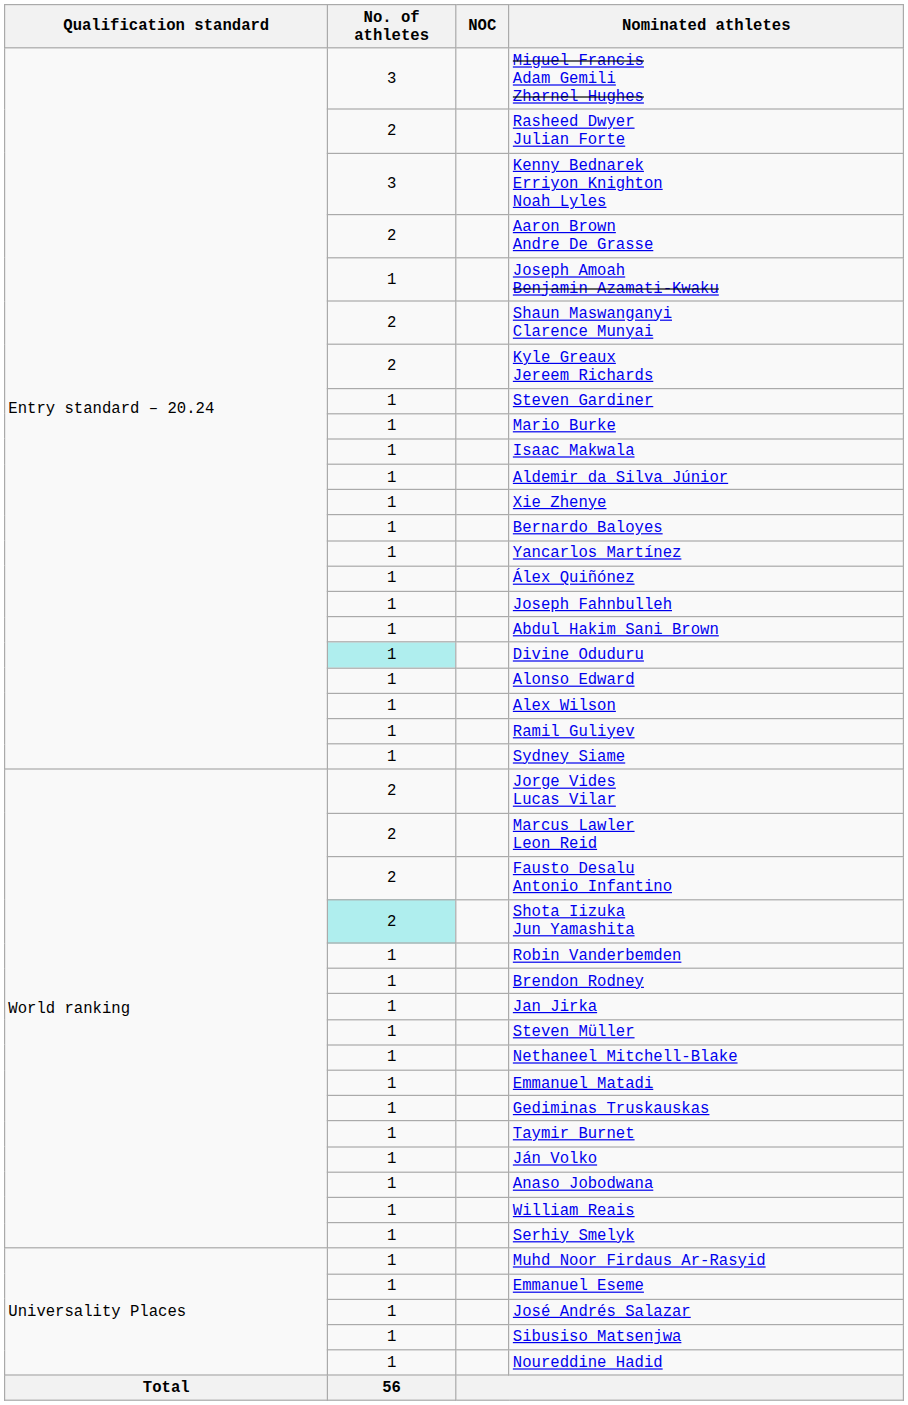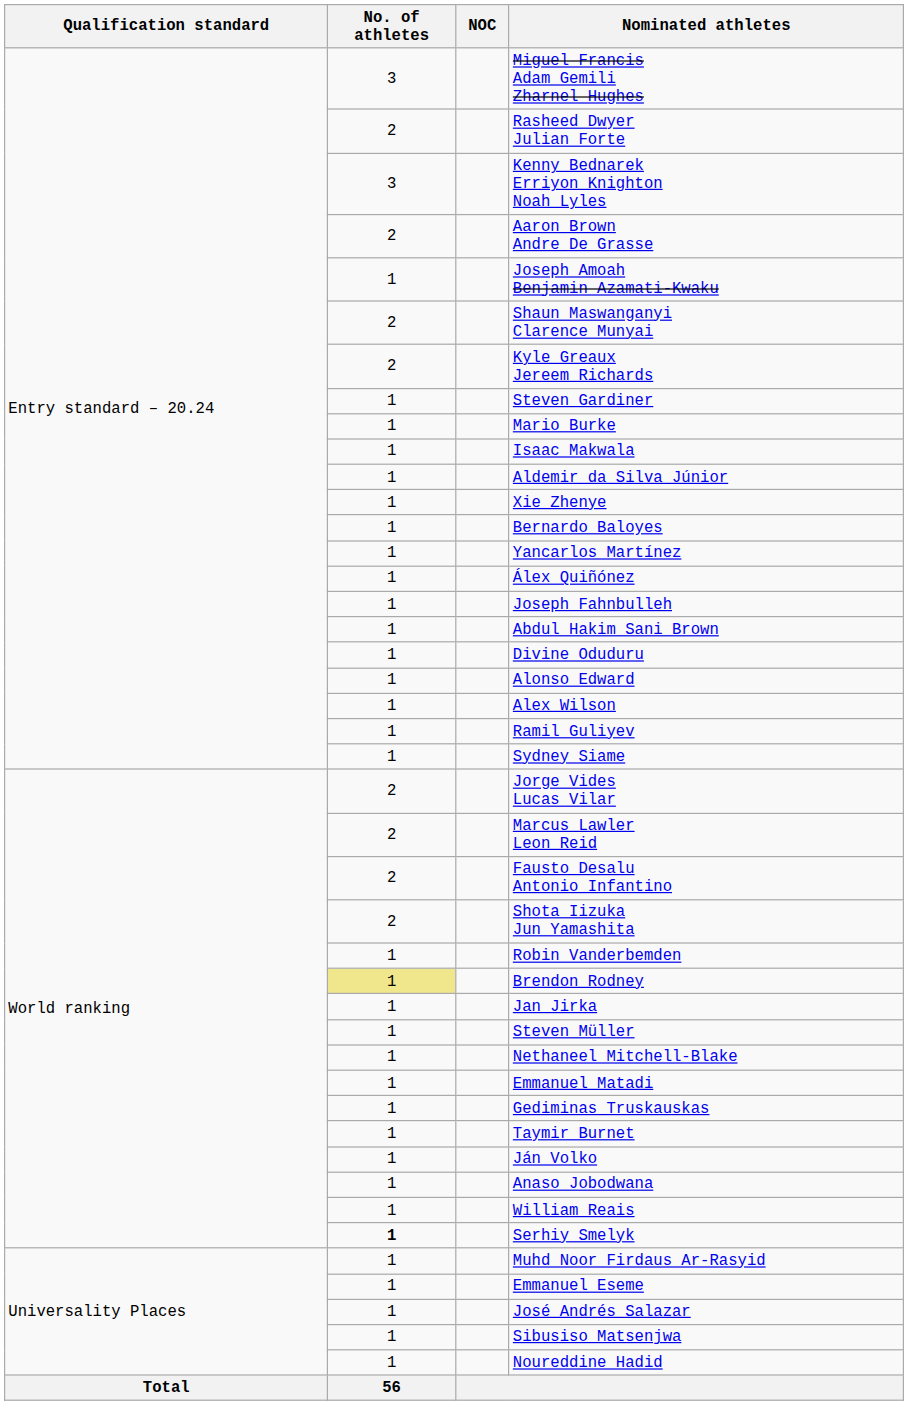 <table class="wikitable" style="text-align:left; width:750px;">
 <tr>
 <th>Qualification standard</th>
 <th width=100>No. of athletes</th>
 <th>NOC</th>
 <th>Nominated athletes</th>
 </tr>
 <tr>
 <td rowspan=22>Entry standard – 20.24</td>
 <td align=center>3</td>
 <td></td>
 <td><s><a href='#'>Miguel Francis</a></s><br><a href='#'>Adam Gemili</a><br><s><a href='#'>Zharnel Hughes</a></s></td>
 </tr>
 <tr>
 <td align=center>2</td>
 <td></td>
 <td><a href='#'>Rasheed Dwyer</a><br><a href='#'>Julian Forte</a></td>
 </tr>
 <tr>
 <td align=center>3</td>
 <td></td>
 <td><a href='#'>Kenny Bednarek</a><br><a href='#'>Erriyon Knighton</a><br><a href='#'>Noah Lyles</a></td>
 </tr>
 <tr>
 <td align=center>2</td>
 <td></td>
 <td><a href='#'>Aaron Brown</a><br><a href='#'>Andre De Grasse</a></td>
 </tr>
 <tr>
 <td align=center>1</td>
 <td></td>
 <td><a href='#'>Joseph Amoah</a><br><s><a href='#'>Benjamin Azamati-Kwaku</a></s></td>
 </tr>
 <tr>
 <td align=center>2</td>
 <td></td>
 <td><a href='#'>Shaun Maswanganyi</a><br><a href='#'>Clarence Munyai</a></td>
 </tr>
 <tr>
 <td align=center>2</td>
 <td></td>
 <td><a href='#'>Kyle Greaux</a><br><a href='#'>Jereem Richards</a></td>
 </tr>
 <tr>
 <td align=center>1</td>
 <td></td>
 <td><a href='#'>Steven Gardiner</a></td>
 </tr>
 <tr>
 <td align=center>1</td>
 <td></td>
 <td><a href='#'>Mario Burke</a></td>
 </tr>
 <tr>
 <td align=center>1</td>
 <td></td>
 <td><a href='#'>Isaac Makwala</a></td>
 </tr>
 <tr>
 <td align=center>1</td>
 <td></td>
 <td><a href='#'>Aldemir da Silva Júnior</a></td>
 </tr>
 <tr>
 <td align=center>1</td>
 <td></td>
 <td><a href='#'>Xie Zhenye</a></td>
 </tr>
 <tr>
 <td align=center>1</td>
 <td></td>
 <td><a href='#'>Bernardo Baloyes</a></td>
 </tr>
 <tr>
 <td align=center>1</td>
 <td></td>
 <td><a href='#'>Yancarlos Martínez</a></td>
 </tr>
 <tr>
 <td align=center>1</td>
 <td></td>
 <td><a href='#'>Álex Quiñónez</a></td>
 </tr>
 <tr>
 <td align=center>1</td>
 <td></td>
 <td><a href='#'>Joseph Fahnbulleh</a></td>
 </tr>
 <tr>
 <td align=center>1</td>
 <td></td>
 <td><a href='#'>Abdul Hakim Sani Brown</a></td>
 </tr>
 <tr>
-<td align=center style="background: paleturquoise;">1</td>
+<td align=center>1</td>
 <td></td>
 <td><a href='#'>Divine Oduduru</a></td>
 </tr>
 <tr>
 <td align=center>1</td>
 <td></td>
 <td><a href='#'>Alonso Edward</a></td>
 </tr>
 <tr>
 <td align=center>1</td>
 <td></td>
 <td><a href='#'>Alex Wilson</a></td>
 </tr>
 <tr>
 <td align=center>1</td>
 <td></td>
 <td><a href='#'>Ramil Guliyev</a></td>
 </tr>
 <tr>
 <td align=center>1</td>
 <td></td>
 <td><a href='#'>Sydney Siame</a></td>
 </tr>
 <tr>
 <td rowspan=16>World ranking</td>
 <td align=center>2</td>
 <td></td>
 <td><a href='#'>Jorge Vides</a><br><a href='#'>Lucas Vilar</a></td>
 </tr>
 <tr>
 <td align=center>2</td>
 <td></td>
 <td><a href='#'>Marcus Lawler</a><br><a href='#'>Leon Reid</a></td>
 </tr>
 <tr>
 <td align=center>2</td>
 <td></td>
 <td><a href='#'>Fausto Desalu</a><br><a href='#'>Antonio Infantino</a></td>
 </tr>
 <tr>
-<td align=center style="background: paleturquoise;">2</td>
+<td align=center>2</td>
 <td></td>
 <td><a href='#'>Shota Iizuka</a><br><a href='#'>Jun Yamashita</a></td>
 </tr>
 <tr>
 <td align=center>1</td>
 <td></td>
 <td><a href='#'>Robin Vanderbemden</a></td>
 </tr>
 <tr>
-<td align=center>1</td>
+<td align=center style="background: khaki;">1</td>
 <td></td>
 <td><a href='#'>Brendon Rodney</a></td>
 </tr>
 <tr>
 <td align=center>1</td>
 <td></td>
 <td><a href='#'>Jan Jirka</a></td>
 </tr>
 <tr>
 <td align=center>1</td>
 <td></td>
 <td><a href='#'>Steven Müller</a></td>
 </tr>
 <tr>
 <td align=center>1</td>
 <td></td>
 <td><a href='#'>Nethaneel Mitchell-Blake</a></td>
 </tr>
 <tr>
 <td align=center>1</td>
 <td></td>
 <td><a href='#'>Emmanuel Matadi</a></td>
 </tr>
 <tr>
 <td align=center>1</td>
 <td></td>
 <td><a href='#'>Gediminas Truskauskas</a></td>
 </tr>
 <tr>
 <td align=center>1</td>
 <td></td>
 <td><a href='#'>Taymir Burnet</a></td>
 </tr>
 <tr>
 <td align=center>1</td>
 <td></td>
 <td><a href='#'>Ján Volko</a></td>
 </tr>
 <tr>
 <td align=center>1</td>
 <td></td>
 <td><a href='#'>Anaso Jobodwana</a></td>
 </tr>
 <tr>
 <td align=center>1</td>
 <td></td>
 <td><a href='#'>William Reais</a></td>
 </tr>
 <tr>
-<td align=center>1</td>
+<td align=center><strong>1</strong></td>
 <td></td>
 <td><a href='#'>Serhiy Smelyk</a></td>
 </tr>
 <tr>
 <td rowspan=5>Universality Places</td>
 <td align=center>1</td>
 <td></td>
 <td><a href='#'>Muhd Noor Firdaus Ar-Rasyid</a></td>
 </tr>
 <tr>
 <td align=center>1</td>
 <td></td>
 <td><a href='#'>Emmanuel Eseme</a></td>
 </tr>
 <tr>
 <td align=center>1</td>
 <td></td>
 <td><a href='#'>José Andrés Salazar</a></td>
 </tr>
 <tr>
 <td align=center>1</td>
 <td></td>
 <td><a href='#'>Sibusiso Matsenjwa</a></td>
 </tr>
 <tr>
 <td align=center>1</td>
 <td></td>
 <td><a href='#'>Noureddine Hadid</a></td>
 </tr>
 <tr>
 <th>Total</th>
 <th>56</th>
 <th colspan=2></th>
 </tr>
 </table>
